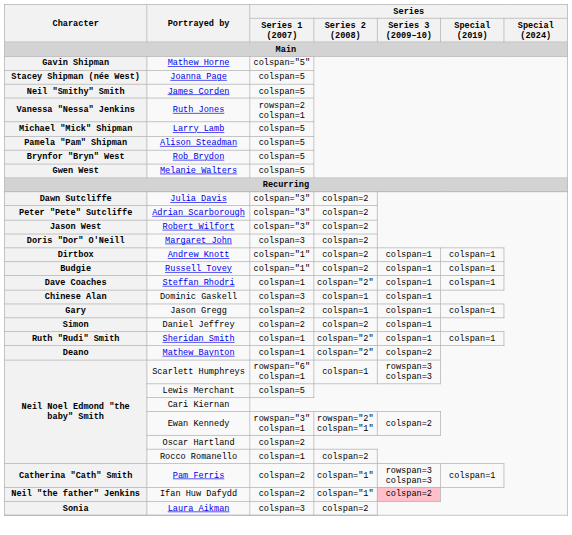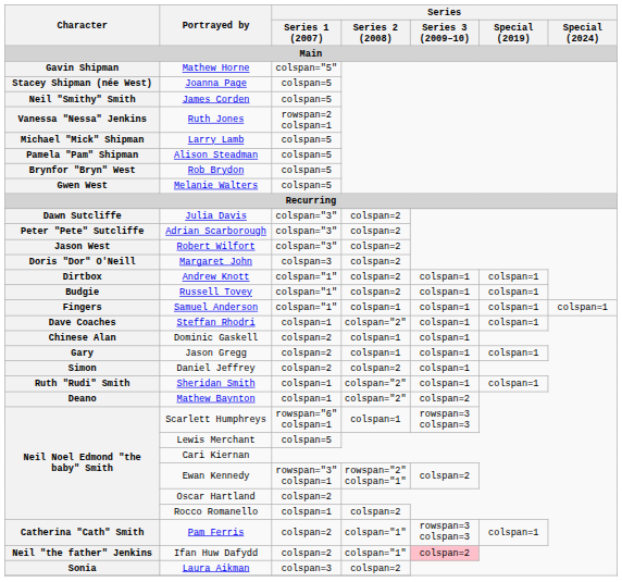 <table class="wikitable" style="text-align:center;">
 <tr>
 <th rowspan="2" style="width:210px;">Character</th>
 <th style="width:150px;" rowspan="2">Portrayed by</th>
 <th colspan="5">Series</th>
 </tr>
 <tr>
 <th style="width:90px;">Series 1<br>(2007)</th>
 <th style="width:90px;">Series 2<br>(2008)</th>
 <th style="width:90px;">Series 3<br>(2009–10)</th>
 <th style="width:90px;">Special<br>(2019)</th>
 <th style="width:90px;">Special<br>(2024)</th>
 </tr>
 <tr>
 <th colspan="7" style="background:lightgrey;"><strong>Main</strong></th>
 </tr>
 <tr>
 <th>Gavin Shipman</th>
 <td><a href='#'>Mathew Horne</a></td>
 <td>colspan="5" </td>
 </tr>
 <tr>
 <th>Stacey Shipman (née West)</th>
 <td><a href='#'>Joanna Page</a></td>
 <td>colspan=5 </td>
 </tr>
 <tr>
 <th>Neil "Smithy" Smith</th>
 <td><a href='#'>James Corden</a></td>
 <td>colspan=5 </td>
 </tr>
 <tr>
 <th>Vanessa "Nessa" Jenkins</th>
 <td><a href='#'>Ruth Jones</a></td>
 <td>rowspan=2 colspan=1 </td>
 </tr>
 <tr>
 <th>Michael "Mick" Shipman</th>
 <td><a href='#'>Larry Lamb</a></td>
 <td>colspan=5 </td>
 </tr>
 <tr>
 <th>Pamela "Pam" Shipman</th>
 <td><a href='#'>Alison Steadman</a></td>
 <td>colspan=5 </td>
 </tr>
 <tr>
 <th>Brynfor "Bryn" West</th>
 <td><a href='#'>Rob Brydon</a></td>
 <td>colspan=5 </td>
 </tr>
 <tr>
 <th>Gwen West</th>
 <td><a href='#'>Melanie Walters</a></td>
 <td>colspan=5 </td>
 </tr>
 <tr>
 <th colspan="7" style="background:lightgrey;"><strong>Recurring</strong></th>
 </tr>
 <tr>
 <th>Dawn Sutcliffe</th>
 <td><a href='#'>Julia Davis</a></td>
 <td>colspan="3" </td>
 <td>colspan=2 </td>
 </tr>
 <tr>
 <th>Peter "Pete" Sutcliffe</th>
 <td><a href='#'>Adrian Scarborough</a></td>
 <td>colspan="3" </td>
 <td>colspan=2 </td>
 </tr>
 <tr>
 <th>Jason West</th>
 <td><a href='#'>Robert Wilfort</a></td>
 <td>colspan="3" </td>
 <td>colspan=2 </td>
 </tr>
 <tr>
 <th>Doris "Dor" O'Neill</th>
 <td><a href='#'>Margaret John</a></td>
 <td>colspan=3 </td>
 <td>colspan=2 </td>
 </tr>
 <tr>
 <th>Dirtbox</th>
 <td><a href='#'>Andrew Knott</a></td>
 <td>colspan="1" </td>
 <td>colspan=2 </td>
 <td>colspan=1 </td>
 <td>colspan=1 </td>
 </tr>
 <tr>
 <th>Budgie</th>
 <td><a href='#'>Russell Tovey</a></td>
 <td>colspan="1" </td>
 <td>colspan=2 </td>
 <td>colspan=1 </td>
 <td>colspan=1 </td>
 </tr>
 <tr>
+<th>Fingers</th>
+<td><a href='#'>Samuel Anderson</a></td>
+<td>colspan="1" </td>
+<td>colspan=1 </td>
+<td>colspan=1 </td>
+<td>colspan=1 </td>
+<td>colspan=1 </td>
+</tr>
+<tr>
 <th>Dave Coaches</th>
 <td><a href='#'>Steffan Rhodri</a></td>
 <td>colspan=1 </td>
 <td>colspan="2" </td>
 <td>colspan=1 </td>
 <td>colspan=1 </td>
 </tr>
 <tr>
 <th>Chinese Alan</th>
 <td>Dominic Gaskell</td>
-<td>colspan=3 </td>
+<td>colspan=2 </td>
 <td>colspan=1 </td>
 <td>colspan=1 </td>
 </tr>
 <tr>
 <th>Gary</th>
 <td>Jason Gregg</td>
 <td>colspan=2 </td>
 <td>colspan=1 </td>
 <td>colspan=1 </td>
 <td>colspan=1 </td>
 </tr>
 <tr>
 <th>Simon</th>
 <td>Daniel Jeffrey</td>
 <td>colspan=2 </td>
 <td>colspan=2 </td>
 <td>colspan=1 </td>
 </tr>
 <tr>
 <th>Ruth "Rudi" Smith</th>
 <td><a href='#'>Sheridan Smith</a></td>
 <td>colspan=1 </td>
 <td>colspan="2" </td>
 <td>colspan=1 </td>
 <td>colspan=1 </td>
 </tr>
 <tr>
 <th>Deano</th>
 <td><a href='#'>Mathew Baynton</a></td>
 <td>colspan=1 </td>
 <td>colspan="2" </td>
 <td>colspan=2 </td>
 </tr>
 <tr>
 <th rowspan="6">Neil Noel Edmond "the baby" Smith</th>
 <td>Scarlett Humphreys</td>
 <td>rowspan="6" colspan=1 </td>
 <td>colspan=1 </td>
 <td>rowspan=3 colspan=3 </td>
 </tr>
 <tr>
 <td>Lewis Merchant</td>
 <td>colspan=5 </td>
 </tr>
 <tr>
 <td>Cari Kiernan</td>
 </tr>
 <tr>
 <td>Ewan Kennedy</td>
 <td>rowspan="3" colspan=1 </td>
 <td>rowspan="2" colspan="1" </td>
 <td>colspan=2 </td>
 </tr>
 <tr>
 <td>Oscar Hartland</td>
 <td>colspan=2 </td>
 </tr>
 <tr>
 <td>Rocco Romanello</td>
 <td>colspan=1 </td>
 <td>colspan=2 </td>
 </tr>
 <tr>
 <th>Catherina "Cath" Smith</th>
 <td><a href='#'>Pam Ferris</a></td>
 <td>colspan=2 </td>
 <td>colspan="1" </td>
 <td>rowspan=3 colspan=3 </td>
 <td>colspan=1 </td>
 </tr>
 <tr>
 <th>Neil "the father" Jenkins</th>
 <td>Ifan Huw Dafydd</td>
 <td>colspan=2 </td>
 <td>colspan="1" </td>
 <td style="background: pink;">colspan=2 </td>
 </tr>
 <tr>
 <th>Sonia</th>
 <td><a href='#'>Laura Aikman</a></td>
 <td>colspan=3 </td>
 <td>colspan=2 </td>
 </tr>
 <tr>
 </tr>
 </table>
